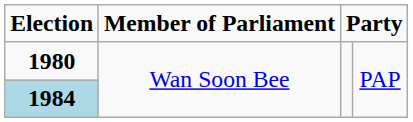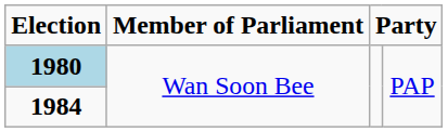 <table class="wikitable" align="center" style="text-align:center">
 <tr>
 <td><strong>Election </strong></td>
 <td><strong>Member of Parliament</strong></td>
 <td colspan="2"><strong>Party</strong></td>
 </tr>
 <tr>
-<td><strong>1980</strong></td>
+<td style="background: lightblue;"><strong>1980</strong></td>
 <td rowspan="2"><a href='#'>Wan Soon Bee</a></td>
 <td rowspan="2"></td>
 <td rowspan="2"><a href='#'>PAP</a></td>
 </tr>
 <tr>
-<td style="background: lightblue;"><strong>1984</strong></td>
+<td><strong>1984</strong></td>
 </tr>
 </table>
